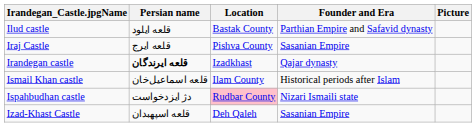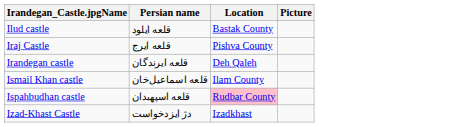 <table class="wikitable">
 <tr>
 <th>Irandegan_Castle.jpgName</th>
 <th>Persian name</th>
 <th>Location</th>
-<th>Founder and Era</th>
 <th>Picture</th>
 </tr>
 <tr>
 <td><a href='#'>Ilud castle</a></td>
 <td>قلعه ایلود</td>
 <td><a href='#'>Bastak County</a></td>
-<td><a href='#'>Parthian Empire</a> and <a href='#'>Safavid dynasty</a></td>
 <td></td>
 </tr>
 <tr>
 <td><a href='#'>Iraj Castle</a></td>
 <td>قلعه ایرج</td>
 <td><a href='#'>Pishva County</a></td>
-<td><a href='#'>Sasanian Empire</a></td>
 <td align="center"></td>
 </tr>
 <tr>
 <td><a href='#'>Irandegan castle</a></td>
-<td><strong>قلعه ایرندگان</strong></td>
-<td><a href='#'>Izadkhast</a></td>
-<td><a href='#'>Qajar dynasty</a></td>
+<td>قلعه ایرندگان</td>
+<td><a href='#'>Deh Qaleh</a></td>
 <td align="center"></td>
 </tr>
 <tr>
 <td><a href='#'>Ismail Khan castle</a></td>
 <td>قلعه اسماعیل‌خان</td>
 <td><a href='#'>Ilam County</a></td>
-<td>Historical periods after <a href='#'>Islam</a></td>
 <td></td>
 </tr>
 <tr>
 <td><a href='#'>Ispahbudhan castle</a></td>
-<td>دژ ایزدخواست</td>
+<td>قلعه اسپهبدان</td>
 <td style="background: pink;"><a href='#'>Rudbar County</a></td>
-<td><a href='#'>Nizari Ismaili state</a></td>
 <td></td>
 </tr>
 <tr>
 <td><a href='#'>Izad-Khast Castle</a></td>
-<td>قلعه اسپهبدان</td>
-<td><a href='#'>Deh Qaleh</a></td>
-<td><a href='#'>Sasanian Empire</a></td>
+<td>دژ ایزدخواست</td>
+<td><a href='#'>Izadkhast</a></td>
 <td align="center"></td>
 </tr>
 </table>
